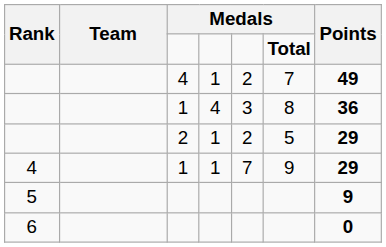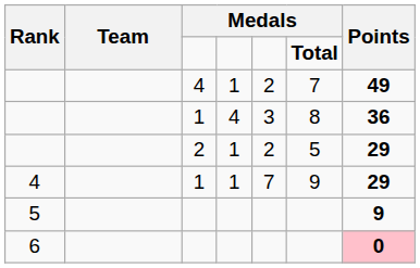 <table class="wikitable">
 <tr>
 <th rowspan=2>Rank</th>
 <th style="width:85px;" rowspan="2">Team</th>
 <th colspan=4>Medals</th>
 <th rowspan=2>Points</th>
 </tr>
 <tr>
 <td style="width:20px; text-align:center;"></td>
 <td style="width:20px; text-align:center;"></td>
 <td style="width:20px; text-align:center;"></td>
 <td><strong>Total</strong></td>
 </tr>
 <tr>
 <td align=center></td>
 <td></td>
 <td align=center>4</td>
 <td align=center>1</td>
 <td align=center>2</td>
 <td align=center>7</td>
 <td align=center><strong>49</strong></td>
 </tr>
 <tr>
 <td align=center></td>
 <td></td>
 <td align=center>1</td>
 <td align=center>4</td>
 <td align=center>3</td>
 <td align=center>8</td>
 <td align=center><strong>36</strong></td>
 </tr>
 <tr>
 <td align=center></td>
 <td><strong></strong></td>
 <td align=center>2</td>
 <td align=center>1</td>
 <td align=center>2</td>
 <td align=center>5</td>
 <td align=center><strong>29</strong></td>
 </tr>
 <tr>
 <td align=center>4</td>
 <td></td>
 <td align=center>1</td>
 <td align=center>1</td>
 <td align=center>7</td>
 <td align=center>9</td>
 <td align=center><strong>29</strong></td>
 </tr>
 <tr>
 <td align=center>5</td>
 <td></td>
 <td align=center></td>
 <td align=center></td>
 <td align=center></td>
 <td align=center></td>
 <td align=center><strong>9</strong></td>
 </tr>
 <tr>
 <td align=center>6</td>
 <td></td>
 <td align=center></td>
 <td align=center></td>
 <td align=center></td>
 <td align=center></td>
-<td align=center><strong>0 </strong></td>
+<td align=center style="background: pink;"><strong>0 </strong></td>
 </tr>
 </table>
